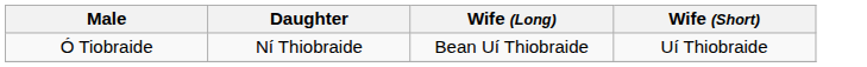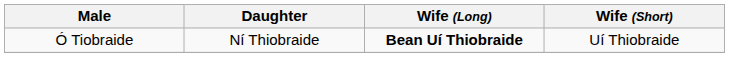 <table class="wikitable" style="text-align:right">
 <tr>
 <th width=20%>Male</th>
 <th width=20%>Daughter</th>
 <th width=20%>Wife <em><small>(Long)</small></em></th>
 <th width=20%>Wife <em><small>(Short)</small></em></th>
 </tr>
 <tr>
 <td align="center">Ó Tiobraide</td>
 <td align="center">Ní Thiobraide</td>
-<td align="center">Bean Uí Thiobraide</td>
+<td align="center"><strong>Bean Uí Thiobraide</strong></td>
 <td align="center">Uí Thiobraide</td>
 </tr>
 <tr>
 </tr>
 </table>
